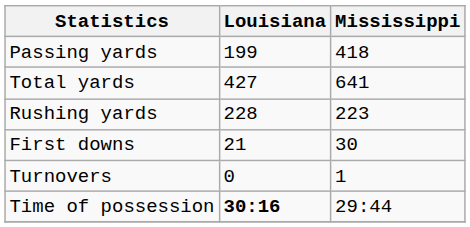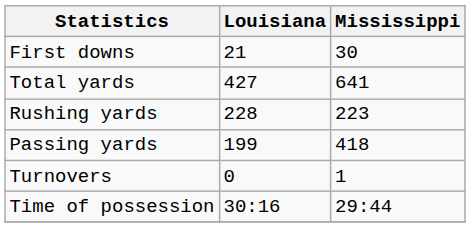 <table class="wikitable" style="float: right;">
 <tr>
 <th>Statistics</th>
 <th>Louisiana</th>
 <th>Mississippi</th>
 </tr>
 <tr>
-<td>Passing yards</td>
-<td>199</td>
-<td>418</td>
+<td>First downs</td>
+<td>21</td>
+<td>30</td>
 </tr>
 <tr>
 <td>Total yards</td>
 <td>427</td>
 <td>641</td>
 </tr>
 <tr>
 <td>Rushing yards</td>
 <td>228</td>
 <td>223</td>
 </tr>
 <tr>
-<td>First downs</td>
-<td>21</td>
-<td>30</td>
+<td>Passing yards</td>
+<td>199</td>
+<td>418</td>
 </tr>
 <tr>
 <td>Turnovers</td>
 <td>0</td>
 <td>1</td>
 </tr>
 <tr>
 <td>Time of possession</td>
-<td><strong>30:16</strong></td>
+<td>30:16</td>
 <td>29:44</td>
 </tr>
 <tr>
 </tr>
 </table>
